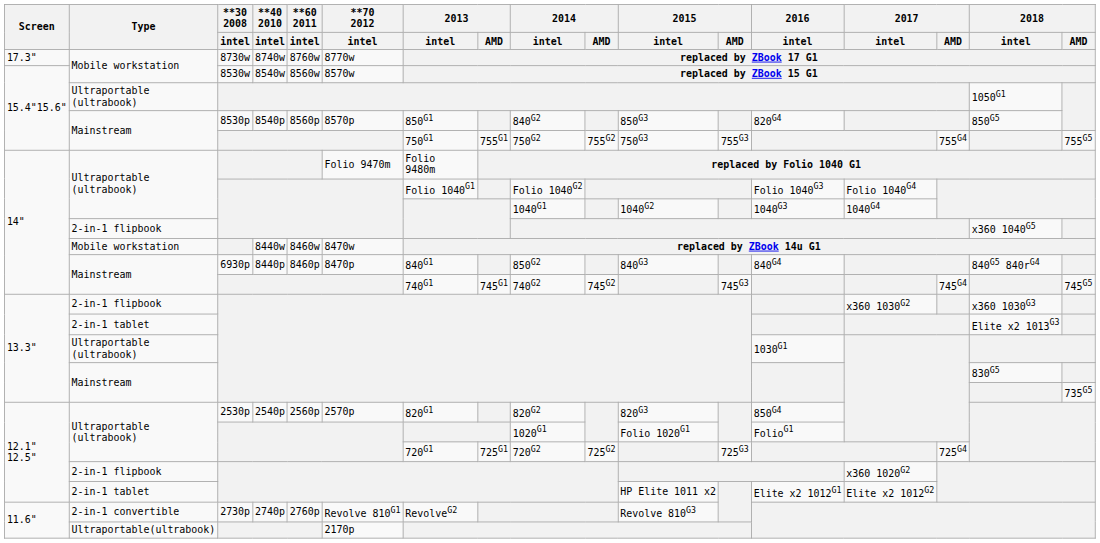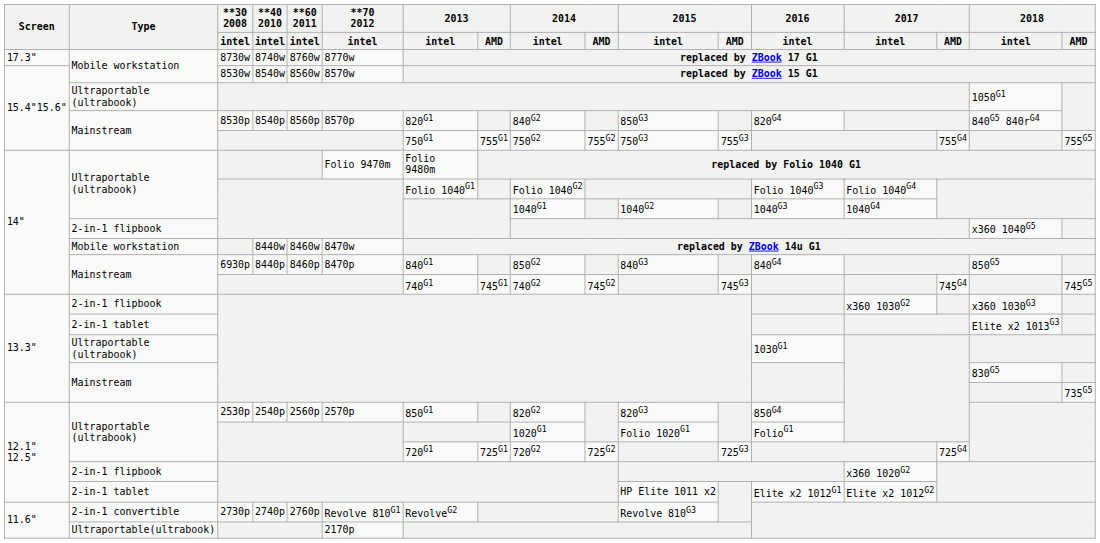 <table class="wikitable mw-collapsible mw-collapsed" style="font-size: 85%; min-width: 70%;">
 <tr>
 <th rowspan="2">Screen</th>
 <th rowspan="2">Type</th>
 <th>**<strong>30</strong><br>2008</th>
 <th>**<strong>40</strong><br>2010</th>
 <th>**<strong>60</strong><br>2011</th>
 <th>**<strong>70</strong><br>2012</th>
 <th colspan="2">2013</th>
 <th colspan="2">2014</th>
 <th colspan="2">2015</th>
 <th>2016</th>
 <th colspan="2">2017</th>
 <th colspan="2">2018</th>
 </tr>
 <tr>
 <th>intel</th>
 <th>intel</th>
 <th>intel</th>
 <th>intel</th>
 <th>intel</th>
 <th>AMD</th>
 <th>intel</th>
 <th>AMD</th>
 <th>intel</th>
 <th>AMD</th>
 <th>intel</th>
 <th>intel</th>
 <th>AMD</th>
 <th>intel</th>
 <th>AMD</th>
 </tr>
 <tr>
 <td>17.3"</td>
 <td rowspan="2">Mobile workstation</td>
 <td>8730w</td>
 <td>8740w</td>
 <td>8760w</td>
 <td>8770w</td>
 <th colspan="11">replaced by <a href='#'>ZBook</a> 17 G1</th>
 </tr>
 <tr>
 <td rowspan="4">15.4"15.6"</td>
 <td>8530w</td>
 <td>8540w</td>
 <td>8560w</td>
 <td>8570w</td>
 <th colspan="11">replaced by <a href='#'>ZBook</a> 15 G1</th>
 </tr>
 <tr>
 <td>Ultraportable<br>(ultrabook)</td>
 <th colspan="13"></th>
 <td>1050<sup>G1</sup></td>
 <th rowspan="2"></th>
 </tr>
 <tr>
 <td rowspan="2">Mainstream</td>
 <td>8530p</td>
 <td>8540p</td>
 <td>8560p</td>
 <td>8570p</td>
-<td>850<sup>G1</sup></td>
+<td>820<sup>G1</sup></td>
 <th></th>
 <td>840<sup>G2</sup></td>
 <th></th>
 <td>850<sup>G3</sup></td>
 <th></th>
 <td>820<sup>G4</sup></td>
 <th colspan="2"></th>
-<td>850<sup>G5</sup></td>
+<td>840<sup>G5</sup> 840r<sup>G4</sup></td>
 </tr>
 <tr>
 <th colspan="4"></th>
 <td>750<sup>G1</sup></td>
 <td>755<sup>G1</sup></td>
 <td>750<sup>G2</sup></td>
 <td>755<sup>G2</sup></td>
 <td>750<sup>G3</sup></td>
 <td>755<sup>G3</sup></td>
 <th colspan="2"></th>
 <td>755<sup>G4</sup></td>
 <th></th>
 <td>755<sup>G5</sup></td>
 </tr>
 <tr>
 <td rowspan="7">14"</td>
 <td rowspan="3">Ultraportable<br>(ultrabook)</td>
 <th colspan="3"></th>
 <td>Folio 9470m</td>
 <td>Folio<br>9480m</td>
 <th colspan="10">replaced by Folio 1040 G1</th>
 </tr>
 <tr>
 <th colspan="4" rowspan="3"></th>
 <td>Folio 1040<sup>G1</sup></td>
 <th></th>
 <td>Folio 1040<sup>G2</sup></td>
 <th colspan="3"></th>
 <td>Folio 1040<sup>G3</sup></td>
 <td>Folio 1040<sup>G4</sup></td>
 <th colspan="3" rowspan="2"></th>
 </tr>
 <tr>
 <th colspan="2" rowspan="2"></th>
 <td>1040<sup>G1</sup></td>
 <th></th>
 <td>1040<sup>G2</sup></td>
 <th></th>
 <td>1040<sup>G3</sup></td>
 <td>1040<sup>G4</sup></td>
 </tr>
 <tr>
 <td>2-in-1 flipbook</td>
 <th colspan="7"></th>
 <td>x360 1040<sup>G5</sup></td>
 <th></th>
 </tr>
 <tr>
 <td>Mobile workstation</td>
 <th></th>
 <td>8440w</td>
 <td>8460w</td>
 <td>8470w</td>
 <th colspan="11">replaced by <a href='#'>ZBook</a> 14u G1</th>
 </tr>
 <tr>
 <td rowspan="2">Mainstream</td>
 <td>6930p</td>
 <td>8440p</td>
 <td>8460p</td>
 <td>8470p</td>
 <td>840<sup>G1</sup></td>
 <th></th>
 <td>850<sup>G2</sup></td>
 <th></th>
 <td>840<sup>G3</sup></td>
 <th></th>
 <td>840<sup>G4</sup></td>
 <th colspan="2"></th>
-<td>840<sup>G5</sup> 840r<sup>G4</sup></td>
+<td>850<sup>G5</sup></td>
 <th></th>
 </tr>
 <tr>
 <th colspan="4"></th>
 <td>740<sup>G1</sup></td>
 <td>745<sup>G1</sup></td>
 <td>740<sup>G2</sup></td>
 <td>745<sup>G2</sup></td>
 <th></th>
 <td>745<sup>G3</sup></td>
 <th></th>
 <th></th>
 <td>745<sup>G4</sup></td>
 <th></th>
 <td>745<sup>G5</sup></td>
 </tr>
 <tr>
 <td rowspan="5">13.3"</td>
 <td>2-in-1 flipbook</td>
 <th colspan="10" rowspan="5"></th>
 <th></th>
 <td>x360 1030<sup>G2</sup></td>
 <th></th>
 <td>x360 1030<sup>G3</sup></td>
 <th></th>
 </tr>
 <tr>
 <td>2-in-1 tablet</td>
 <th></th>
 <th colspan="2"></th>
 <td>Elite x2 1013<sup>G3</sup></td>
 <th></th>
 </tr>
 <tr>
 <td>Ultraportable<br>(ultrabook)</td>
 <td>1030<sup>G1</sup></td>
 <th colspan="2" rowspan="5"></th>
 <th colspan="2"></th>
 </tr>
 <tr>
 <td rowspan="2">Mainstream</td>
 <th rowspan="2"></th>
 <td>830<sup>G5</sup></td>
 <th></th>
 </tr>
 <tr>
 <th></th>
 <td>735<sup>G5</sup></td>
 </tr>
 <tr>
 <td rowspan="5">12.1"<br>12.5"</td>
 <td rowspan="3">Ultraportable<br>(ultrabook)</td>
 <td>2530p</td>
 <td>2540p</td>
 <td>2560p</td>
 <td>2570p</td>
-<td>820<sup>G1</sup></td>
+<td>850<sup>G1</sup></td>
 <th></th>
 <td>820<sup>G2</sup></td>
 <th rowspan="2"></th>
 <td>820<sup>G3</sup></td>
 <th rowspan="2"></th>
 <td>850<sup>G4</sup></td>
 <th colspan="2" rowspan="3"></th>
 </tr>
 <tr>
 <th colspan="4" rowspan="2"></th>
 <th colspan="2"></th>
 <td>1020<sup>G1</sup></td>
 <td>Folio 1020<sup>G1</sup></td>
 <td>Folio<sup>G1</sup></td>
 </tr>
 <tr>
 <td>720<sup>G1</sup></td>
 <td>725<sup>G1</sup></td>
 <td>720<sup>G2</sup></td>
 <td>725<sup>G2</sup></td>
 <th></th>
 <td>725<sup>G3</sup></td>
 <th colspan="2"></th>
 <td>725<sup>G4</sup></td>
 </tr>
 <tr>
 <td>2-in-1 flipbook</td>
 <th colspan="8" rowspan="2"></th>
 <th colspan="3"></th>
 <td>x360 1020<sup>G2</sup></td>
 <th colspan="3" rowspan="2"></th>
 </tr>
 <tr>
 <td>2-in-1 tablet</td>
 <td>HP Elite 1011 x2</td>
 <th rowspan="2"></th>
 <td>Elite x2 1012<sup>G1</sup></td>
 <td>Elite x2 1012<sup>G2</sup></td>
 </tr>
 <tr>
 <td rowspan="2">11.6"</td>
 <td>2-in-1 convertible</td>
 <td>2730p</td>
 <td>2740p</td>
 <td>2760p</td>
 <td>Revolve 810<sup>G1</sup></td>
 <td>Revolve<sup>G2</sup></td>
 <th colspan="3"></th>
 <td>Revolve 810<sup>G3</sup></td>
 <th colspan="5" rowspan="2"></th>
 </tr>
 <tr>
 <td>Ultraportable(ultrabook)</td>
 <th colspan="3"></th>
 <td>2170p</td>
 <th colspan="6"></th>
 </tr>
 </table>
